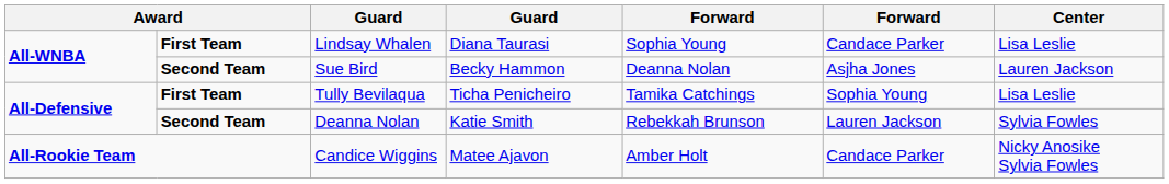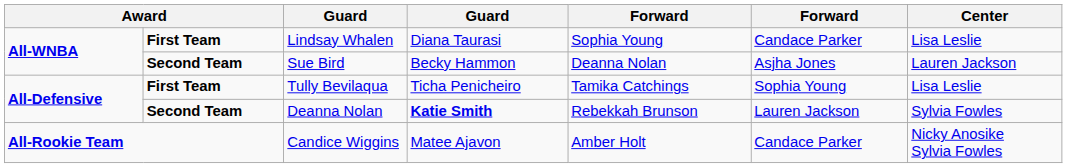 <table class="wikitable" style="width: 90%">
 <tr>
 <th colspan="2">Award</th>
 <th width=125>Guard</th>
 <th>Guard</th>
 <th>Forward</th>
 <th>Forward</th>
 <th>Center</th>
 </tr>
 <tr>
 <td rowspan="2"><a href='#'><strong>All-WNBA</strong></a></td>
 <td><strong>First Team</strong></td>
 <td><a href='#'>Lindsay Whalen</a></td>
 <td><a href='#'>Diana Taurasi</a></td>
 <td><a href='#'>Sophia Young</a></td>
 <td><a href='#'>Candace Parker</a></td>
 <td><a href='#'>Lisa Leslie</a></td>
 </tr>
 <tr>
 <td><strong>Second Team</strong></td>
 <td><a href='#'>Sue Bird</a></td>
 <td><a href='#'>Becky Hammon</a></td>
 <td><a href='#'>Deanna Nolan</a></td>
 <td><a href='#'>Asjha Jones</a></td>
 <td><a href='#'>Lauren Jackson</a></td>
 </tr>
 <tr>
 <td rowspan="2"><a href='#'><strong>All-Defensive</strong></a></td>
 <td><strong>First Team</strong></td>
 <td><a href='#'>Tully Bevilaqua</a></td>
 <td><a href='#'>Ticha Penicheiro</a></td>
 <td><a href='#'>Tamika Catchings</a></td>
 <td><a href='#'>Sophia Young</a></td>
 <td><a href='#'>Lisa Leslie</a></td>
 </tr>
 <tr>
 <td><strong>Second Team</strong></td>
 <td><a href='#'>Deanna Nolan</a></td>
-<td><a href='#'>Katie Smith</a></td>
+<td><strong><a href='#'>Katie Smith</a></strong></td>
 <td><a href='#'>Rebekkah Brunson</a></td>
 <td><a href='#'>Lauren Jackson</a></td>
 <td><a href='#'>Sylvia Fowles</a></td>
 </tr>
 <tr>
 <td colspan="2"><a href='#'><strong>All-Rookie Team</strong></a></td>
 <td><a href='#'>Candice Wiggins</a></td>
 <td><a href='#'>Matee Ajavon</a></td>
 <td><a href='#'>Amber Holt</a></td>
 <td><a href='#'>Candace Parker</a></td>
 <td><a href='#'>Nicky Anosike</a> <br> <a href='#'>Sylvia Fowles</a></td>
 </tr>
 </table>
